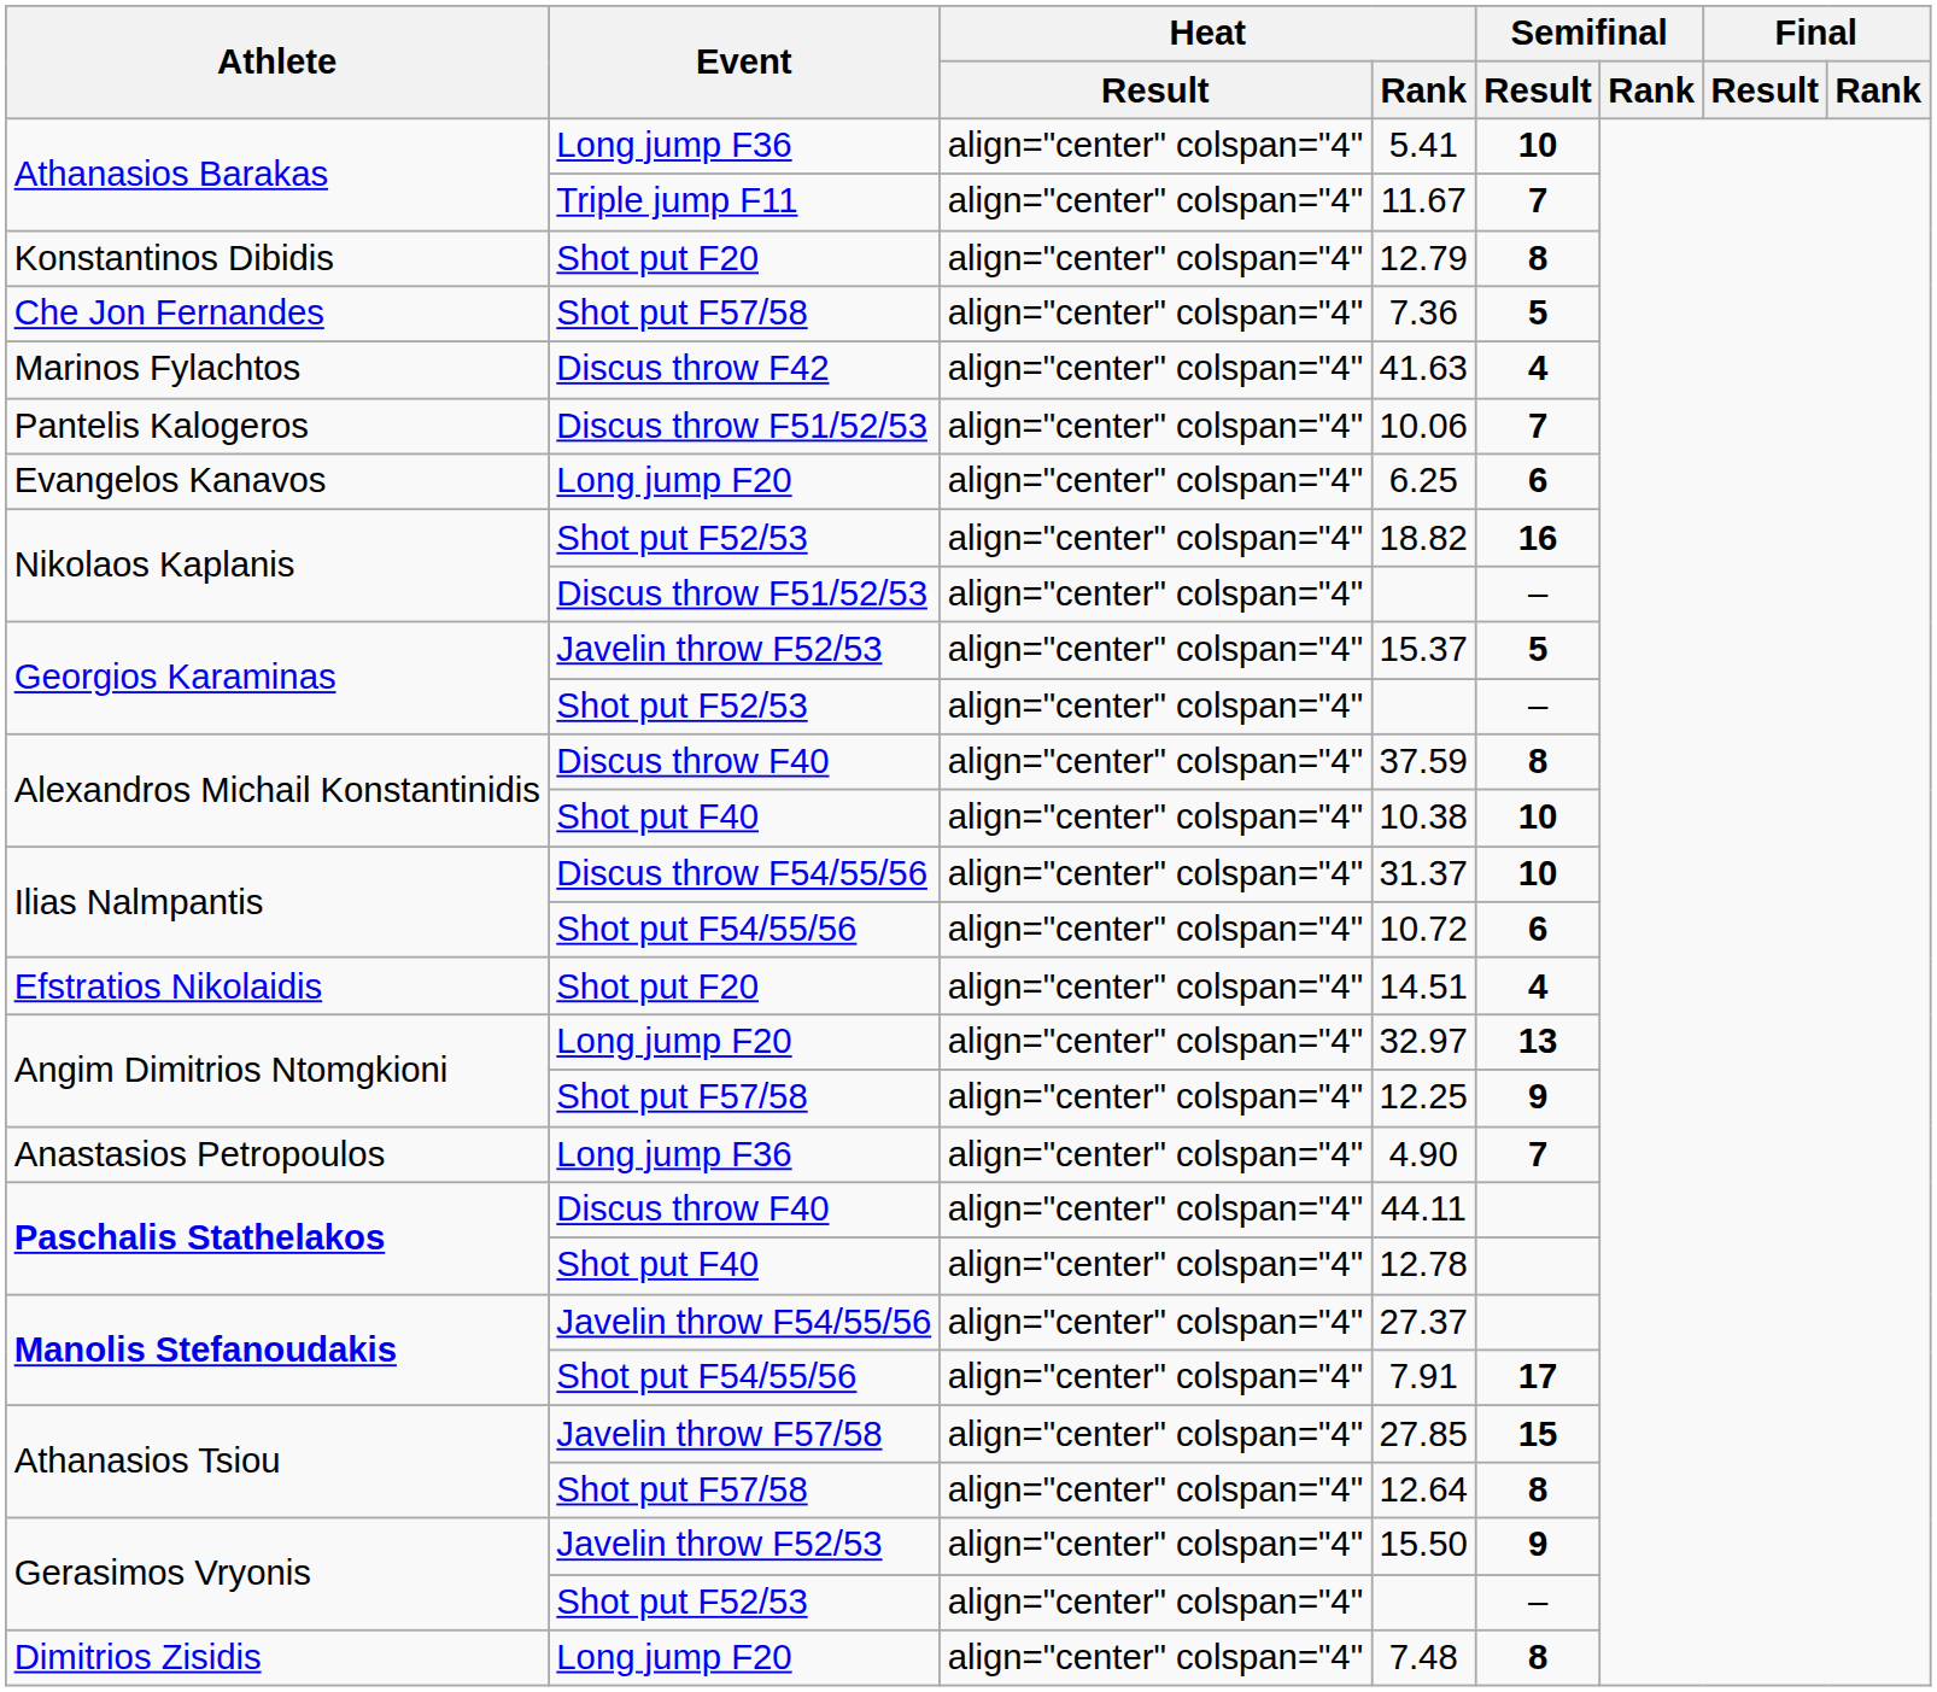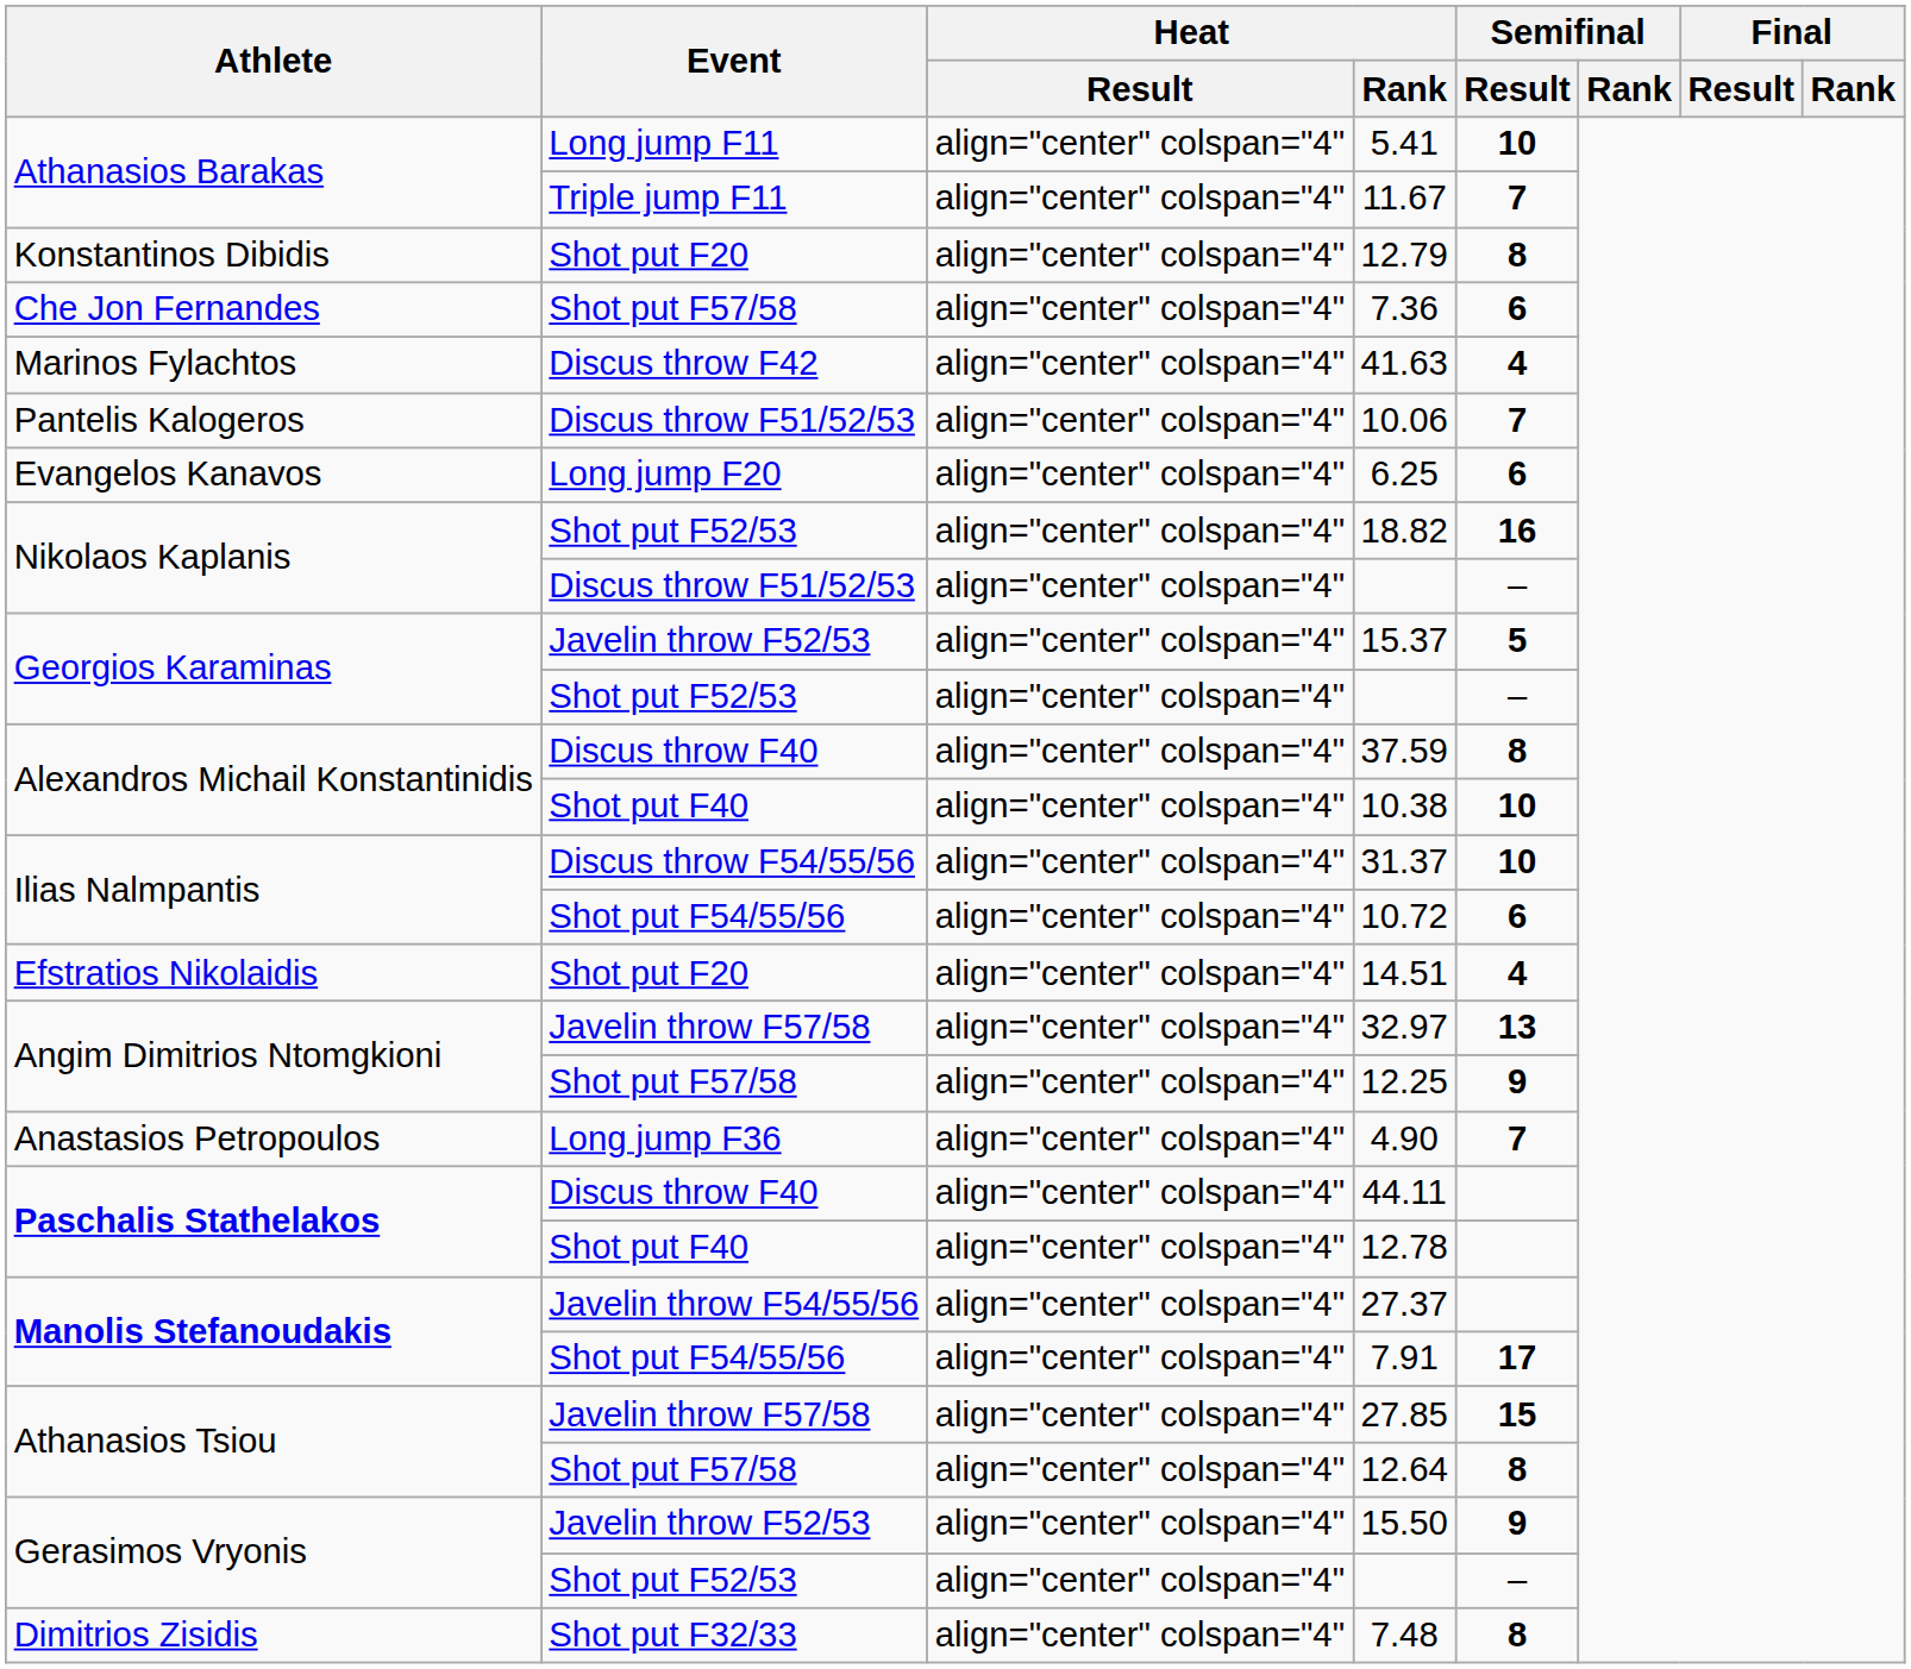 <table class="wikitable">
 <tr>
 <th rowspan="2">Athlete</th>
 <th rowspan="2">Event</th>
 <th colspan="2">Heat</th>
 <th colspan="2">Semifinal</th>
 <th colspan="2">Final</th>
 </tr>
 <tr>
 <th>Result</th>
 <th>Rank</th>
 <th>Result</th>
 <th>Rank</th>
 <th>Result</th>
 <th>Rank</th>
 </tr>
 <tr>
 <td rowspan=2><a href='#'>Athanasios Barakas</a></td>
-<td><a href='#'>Long jump F36</a></td>
+<td><a href='#'>Long jump F11</a></td>
 <td>align="center" colspan="4" </td>
 <td align="center">5.41</td>
 <td align="center"><strong>10</strong></td>
 </tr>
 <tr>
 <td><a href='#'>Triple jump F11</a></td>
 <td>align="center" colspan="4" </td>
 <td align="center">11.67</td>
 <td align="center"><strong>7</strong></td>
 </tr>
 <tr>
 <td>Konstantinos Dibidis</td>
 <td><a href='#'>Shot put F20</a></td>
 <td>align="center" colspan="4" </td>
 <td align="center">12.79</td>
 <td align="center"><strong>8</strong></td>
 </tr>
 <tr>
 <td><a href='#'>Che Jon Fernandes</a></td>
 <td><a href='#'>Shot put F57/58</a></td>
 <td>align="center" colspan="4" </td>
 <td align="center">7.36</td>
-<td align="center"><strong>5</strong></td>
+<td align="center"><strong>6</strong></td>
 </tr>
 <tr>
 <td>Marinos Fylachtos</td>
 <td><a href='#'>Discus throw F42</a></td>
 <td>align="center" colspan="4" </td>
 <td align="center">41.63 <strong></strong></td>
 <td align="center"><strong>4</strong></td>
 </tr>
 <tr>
 <td>Pantelis Kalogeros</td>
 <td><a href='#'>Discus throw F51/52/53</a></td>
 <td>align="center" colspan="4" </td>
 <td align="center">10.06 <strong></strong></td>
 <td align="center"><strong>7</strong></td>
 </tr>
 <tr>
 <td>Evangelos Kanavos</td>
 <td><a href='#'>Long jump F20</a></td>
 <td>align="center" colspan="4" </td>
 <td align="center">6.25</td>
 <td align="center"><strong>6</strong></td>
 </tr>
 <tr>
 <td rowspan=2>Nikolaos Kaplanis</td>
 <td><a href='#'>Shot put F52/53</a></td>
 <td>align="center" colspan="4" </td>
 <td align="center">18.82</td>
 <td align="center"><strong>16</strong></td>
 </tr>
 <tr>
 <td><a href='#'>Discus throw F51/52/53</a></td>
 <td>align="center" colspan="4" </td>
 <td align="center"></td>
 <td align="center">–</td>
 </tr>
 <tr>
 <td rowspan=2><a href='#'>Georgios Karaminas</a></td>
 <td><a href='#'>Javelin throw F52/53</a></td>
 <td>align="center" colspan="4" </td>
 <td align="center">15.37</td>
 <td align="center"><strong>5</strong></td>
 </tr>
 <tr>
 <td><a href='#'>Shot put F52/53</a></td>
 <td>align="center" colspan="4" </td>
 <td align="center"></td>
 <td align="center">–</td>
 </tr>
 <tr>
 <td rowspan=2>Alexandros Michail Konstantinidis</td>
 <td><a href='#'>Discus throw F40</a></td>
 <td>align="center" colspan="4" </td>
 <td align="center">37.59</td>
 <td align="center"><strong>8</strong></td>
 </tr>
 <tr>
 <td><a href='#'>Shot put F40</a></td>
 <td>align="center" colspan="4" </td>
 <td align="center">10.38</td>
 <td align="center"><strong>10</strong></td>
 </tr>
 <tr>
 <td rowspan=2>Ilias Nalmpantis</td>
 <td><a href='#'>Discus throw F54/55/56</a></td>
 <td>align="center" colspan="4" </td>
 <td align="center">31.37 <strong></strong></td>
 <td align="center"><strong>10</strong></td>
 </tr>
 <tr>
 <td><a href='#'>Shot put F54/55/56</a></td>
 <td>align="center" colspan="4" </td>
 <td align="center">10.72</td>
 <td align="center"><strong>6</strong></td>
 </tr>
 <tr>
 <td><a href='#'>Efstratios Nikolaidis</a></td>
 <td><a href='#'>Shot put F20</a></td>
 <td>align="center" colspan="4" </td>
 <td align="center">14.51 <strong></strong></td>
 <td align="center"><strong>4</strong></td>
 </tr>
 <tr>
 <td rowspan=2>Angim Dimitrios Ntomgkioni</td>
-<td><a href='#'>Long jump F20</a></td>
+<td><a href='#'>Javelin throw F57/58</a></td>
 <td>align="center" colspan="4" </td>
 <td align="center">32.97</td>
 <td align="center"><strong>13</strong></td>
 </tr>
 <tr>
 <td><a href='#'>Shot put F57/58</a></td>
 <td>align="center" colspan="4" </td>
 <td align="center">12.25</td>
 <td align="center"><strong>9</strong></td>
 </tr>
 <tr>
 <td>Anastasios Petropoulos</td>
 <td><a href='#'>Long jump F36</a></td>
 <td>align="center" colspan="4" </td>
 <td align="center">4.90 <strong></strong></td>
 <td align="center"><strong>7</strong></td>
 </tr>
 <tr>
 <td rowspan=2><strong><a href='#'>Paschalis Stathelakos</a></strong></td>
 <td><a href='#'>Discus throw F40</a></td>
 <td>align="center" colspan="4" </td>
 <td align="center">44.11 <strong></strong></td>
 <td align="center"></td>
 </tr>
 <tr>
 <td><a href='#'>Shot put F40</a></td>
 <td>align="center" colspan="4" </td>
 <td align="center">12.78</td>
 <td align="center"></td>
 </tr>
 <tr>
 <td rowspan=2><strong><a href='#'>Manolis Stefanoudakis</a></strong></td>
 <td><a href='#'>Javelin throw F54/55/56</a></td>
 <td>align="center" colspan="4" </td>
 <td align="center">27.37</td>
 <td align="center"></td>
 </tr>
 <tr>
 <td><a href='#'>Shot put F54/55/56</a></td>
 <td>align="center" colspan="4" </td>
 <td align="center">7.91</td>
 <td align="center"><strong>17</strong></td>
 </tr>
 <tr>
 <td rowspan=2>Athanasios Tsiou</td>
 <td><a href='#'>Javelin throw F57/58</a></td>
 <td>align="center" colspan="4" </td>
 <td align="center">27.85</td>
 <td align="center"><strong>15</strong></td>
 </tr>
 <tr>
 <td><a href='#'>Shot put F57/58</a></td>
 <td>align="center" colspan="4" </td>
 <td align="center">12.64</td>
 <td align="center"><strong>8</strong></td>
 </tr>
 <tr>
 <td rowspan=2>Gerasimos Vryonis</td>
 <td><a href='#'>Javelin throw F52/53</a></td>
 <td>align="center" colspan="4" </td>
 <td align="center">15.50</td>
 <td align="center"><strong>9</strong></td>
 </tr>
 <tr>
 <td><a href='#'>Shot put F52/53</a></td>
 <td>align="center" colspan="4" </td>
 <td align="center"></td>
 <td align="center">–</td>
 </tr>
 <tr>
 <td><a href='#'>Dimitrios Zisidis</a></td>
-<td><a href='#'>Long jump F20</a></td>
+<td><a href='#'>Shot put F32/33</a></td>
 <td>align="center" colspan="4" </td>
 <td align="center">7.48</td>
 <td align="center"><strong>8</strong></td>
 </tr>
 </table>
